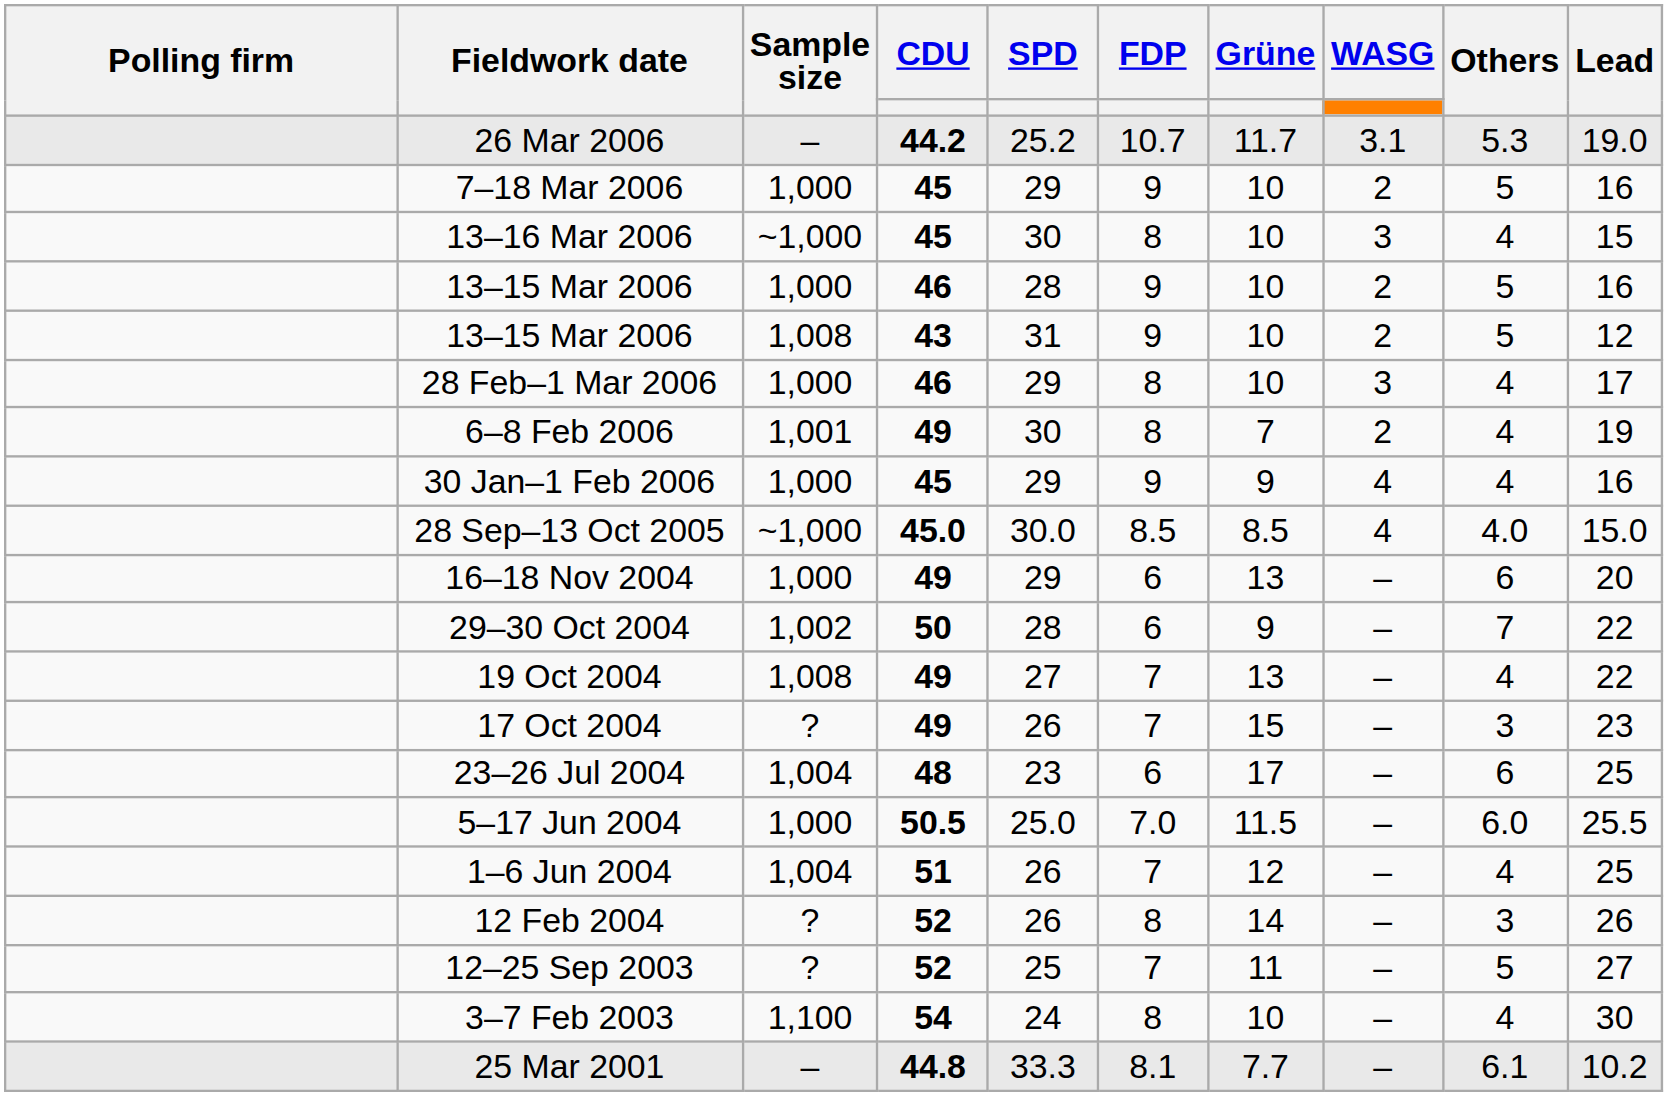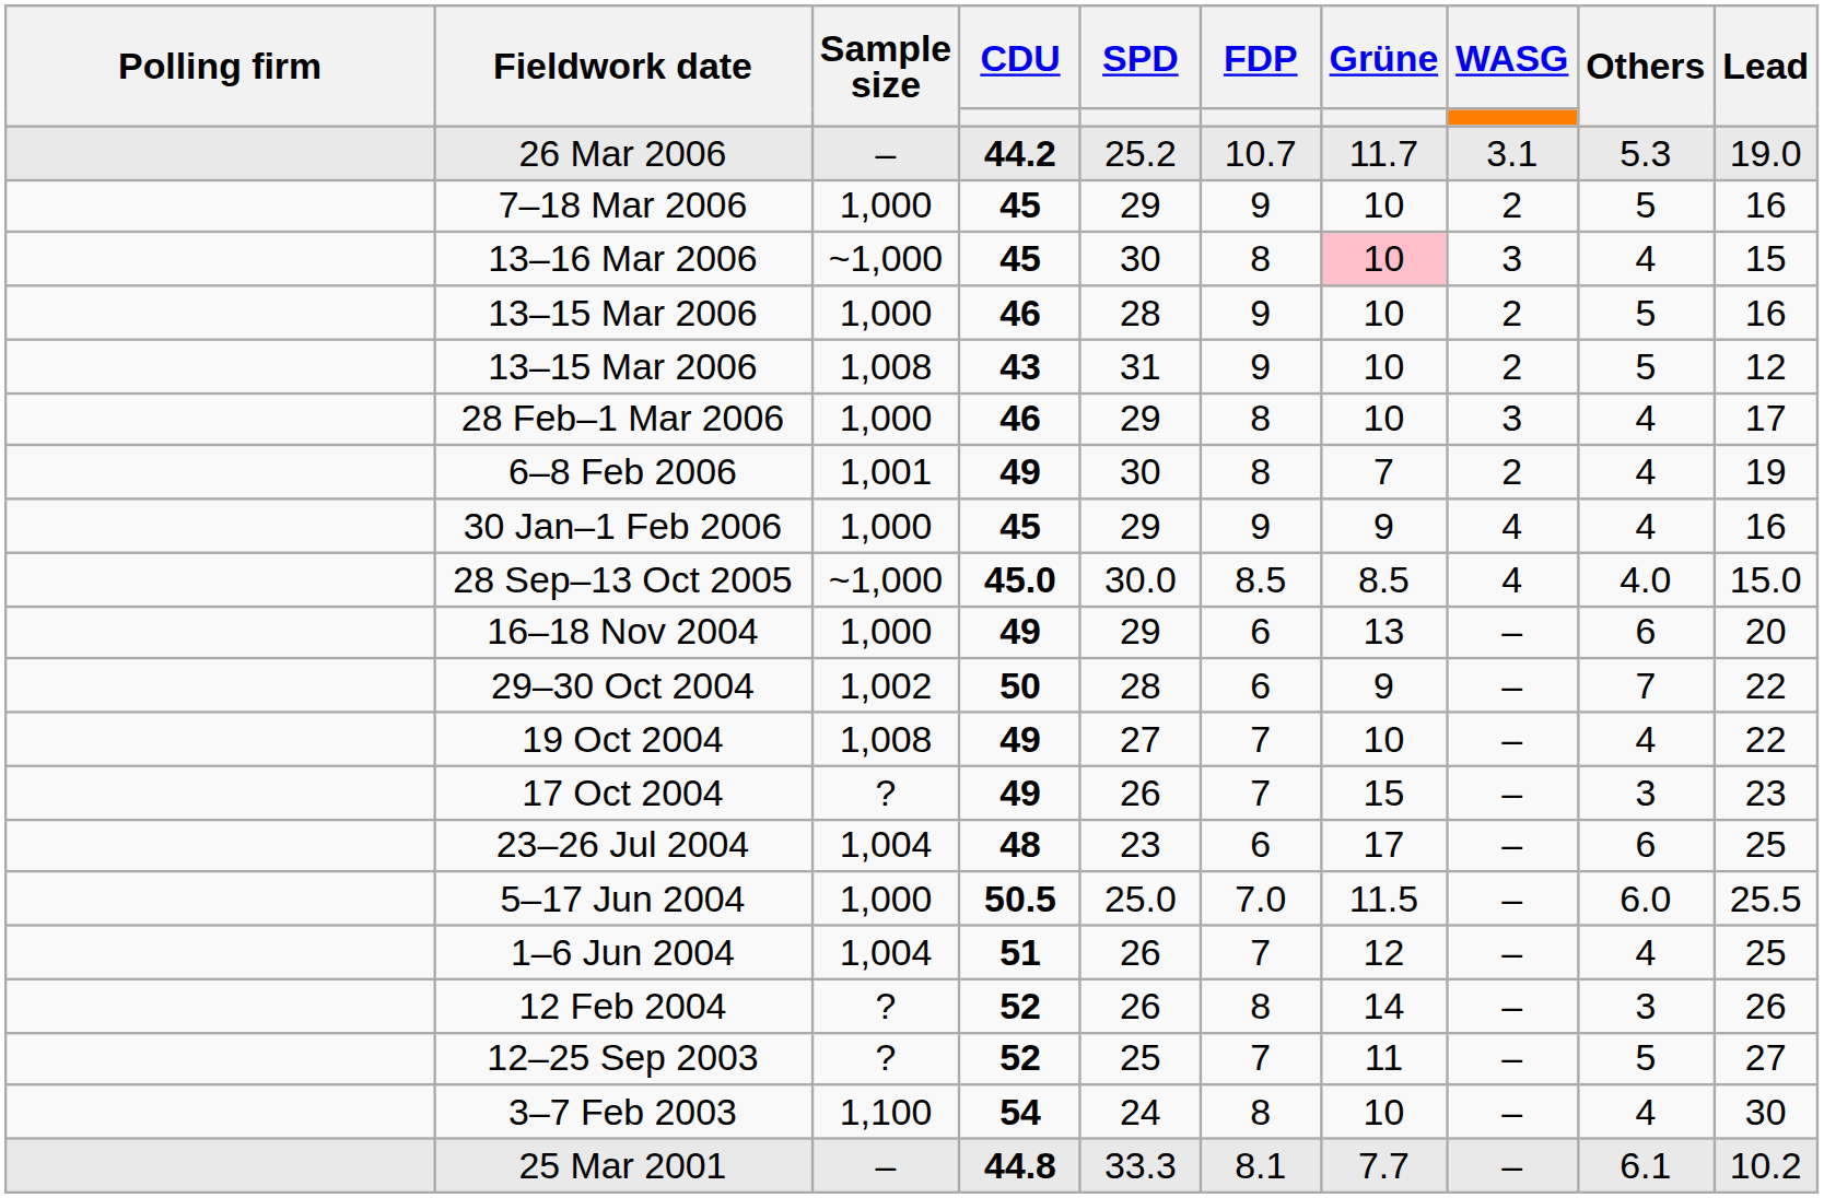 <table class="wikitable sortable" style="text-align:center;font-size:90%;line-height:14px;">
 <tr style="height:40px;">
 <th style="width:160px;" rowspan="2">Polling firm</th>
 <th style="width:140px;" rowspan="2">Fieldwork date</th>
 <th style="width:35px;" rowspan="2">Sample<br>size</th>
 <th class="unsortable" style="width:40px;"><a href='#'>CDU</a></th>
 <th class="unsortable" style="width:40px;"><a href='#'>SPD</a></th>
 <th class="unsortable" style="width:40px;"><a href='#'>FDP</a></th>
 <th class="unsortable" style="width:40px;"><a href='#'>Grüne</a></th>
 <th class="unsortable" style="width:40px;"><a href='#'>WASG</a></th>
 <th class="unsortable" style="width:40px;" rowspan="2">Others</th>
 <th style="width:30px;" rowspan="2">Lead</th>
 </tr>
 <tr>
 <th style="background:"></th>
 <th style="background:"></th>
 <th style="background:"></th>
 <th style="background:"></th>
 <th style="background:#FF8000;"></th>
 </tr>
 <tr style="background:#E9E9E9;">
 <td></td>
 <td data-sort-value="2006-03-26">26 Mar 2006</td>
 <td>–</td>
 <td><strong>44.2</strong></td>
 <td>25.2</td>
 <td>10.7</td>
 <td>11.7</td>
 <td>3.1</td>
 <td>5.3</td>
 <td style="background:">19.0</td>
 </tr>
 <tr>
 <td></td>
 <td data-sort-value="2006-03-21">7–18 Mar 2006</td>
 <td>1,000</td>
 <td><strong>45</strong></td>
 <td>29</td>
 <td>9</td>
 <td>10</td>
 <td>2</td>
 <td>5</td>
 <td style="background:">16</td>
 </tr>
 <tr>
 <td></td>
 <td data-sort-value="2006-03-17">13–16 Mar 2006</td>
 <td>~1,000</td>
 <td><strong>45</strong></td>
 <td>30</td>
 <td>8</td>
-<td>10</td>
+<td style="background: pink;">10</td>
 <td>3</td>
 <td>4</td>
 <td style="background:">15</td>
 </tr>
 <tr>
 <td></td>
 <td data-sort-value="2006-03-16">13–15 Mar 2006</td>
 <td>1,000</td>
 <td><strong>46</strong></td>
 <td>28</td>
 <td>9</td>
 <td>10</td>
 <td>2</td>
 <td>5</td>
 <td style="background:">16</td>
 </tr>
 <tr>
 <td></td>
 <td data-sort-value="2006-03-16">13–15 Mar 2006</td>
 <td>1,008</td>
 <td><strong>43</strong></td>
 <td>31</td>
 <td>9</td>
 <td>10</td>
 <td>2</td>
 <td>5</td>
 <td style="background:">12</td>
 </tr>
 <tr>
 <td></td>
 <td data-sort-value="2006-03-02">28 Feb–1 Mar 2006</td>
 <td>1,000</td>
 <td><strong>46</strong></td>
 <td>29</td>
 <td>8</td>
 <td>10</td>
 <td>3</td>
 <td>4</td>
 <td style="background:">17</td>
 </tr>
 <tr>
 <td></td>
 <td data-sort-value="2006-02-10">6–8 Feb 2006</td>
 <td>1,001</td>
 <td><strong>49</strong></td>
 <td>30</td>
 <td>8</td>
 <td>7</td>
 <td>2</td>
 <td>4</td>
 <td style="background:">19</td>
 </tr>
 <tr>
 <td></td>
 <td data-sort-value="2006-02-02">30 Jan–1 Feb 2006</td>
 <td>1,000</td>
 <td><strong>45</strong></td>
 <td>29</td>
 <td>9</td>
 <td>9</td>
 <td>4</td>
 <td>4</td>
 <td style="background:">16</td>
 </tr>
 <tr>
 <td></td>
 <td data-sort-value="2005-10-25">28 Sep–13 Oct 2005</td>
 <td>~1,000</td>
 <td><strong>45.0</strong></td>
 <td>30.0</td>
 <td>8.5</td>
 <td>8.5</td>
 <td>4</td>
 <td>4.0</td>
 <td style="background:">15.0</td>
 </tr>
 <tr>
 <td></td>
 <td data-sort-value="2004-11-19">16–18 Nov 2004</td>
 <td>1,000</td>
 <td><strong>49</strong></td>
 <td>29</td>
 <td>6</td>
 <td>13</td>
 <td>–</td>
 <td>6</td>
 <td style="background:">20</td>
 </tr>
 <tr>
 <td></td>
 <td data-sort-value="2004-11-02">29–30 Oct 2004</td>
 <td>1,002</td>
 <td><strong>50</strong></td>
 <td>28</td>
 <td>6</td>
 <td>9</td>
 <td>–</td>
 <td>7</td>
 <td style="background:">22</td>
 </tr>
 <tr>
 <td></td>
 <td data-sort-value="2004-10-19">19 Oct 2004</td>
 <td>1,008</td>
 <td><strong>49</strong></td>
 <td>27</td>
 <td>7</td>
-<td>13</td>
+<td>10</td>
 <td>–</td>
 <td>4</td>
 <td style="background:">22</td>
 </tr>
 <tr>
 <td></td>
 <td data-sort-value="2004-10-17">17 Oct 2004</td>
 <td>?</td>
 <td><strong>49</strong></td>
 <td>26</td>
 <td>7</td>
 <td>15</td>
 <td>–</td>
 <td>3</td>
 <td style="background:">23</td>
 </tr>
 <tr>
 <td></td>
 <td data-sort-value="2004-07-27">23–26 Jul 2004</td>
 <td>1,004</td>
 <td><strong>48</strong></td>
 <td>23</td>
 <td>6</td>
 <td>17</td>
 <td>–</td>
 <td>6</td>
 <td style="background:">25</td>
 </tr>
 <tr>
 <td></td>
 <td data-sort-value="2004-07-06">5–17 Jun 2004</td>
 <td>1,000</td>
 <td><strong>50.5</strong></td>
 <td>25.0</td>
 <td>7.0</td>
 <td>11.5</td>
 <td>–</td>
 <td>6.0</td>
 <td style="background:">25.5</td>
 </tr>
 <tr>
 <td></td>
 <td data-sort-value="2004-06-06">1–6 Jun 2004</td>
 <td>1,004</td>
 <td><strong>51</strong></td>
 <td>26</td>
 <td>7</td>
 <td>12</td>
 <td>–</td>
 <td>4</td>
 <td style="background:">25</td>
 </tr>
 <tr>
 <td></td>
 <td data-sort-value="2004-02-12">12 Feb 2004</td>
 <td>?</td>
 <td><strong>52</strong></td>
 <td>26</td>
 <td>8</td>
 <td>14</td>
 <td>–</td>
 <td>3</td>
 <td style="background:">26</td>
 </tr>
 <tr>
 <td></td>
 <td data-sort-value="2003-09-30">12–25 Sep 2003</td>
 <td>?</td>
 <td><strong>52</strong></td>
 <td>25</td>
 <td>7</td>
 <td>11</td>
 <td>–</td>
 <td>5</td>
 <td style="background:">27</td>
 </tr>
 <tr>
 <td></td>
 <td data-sort-value="2003-02-11">3–7 Feb 2003</td>
 <td>1,100</td>
 <td><strong>54</strong></td>
 <td>24</td>
 <td>8</td>
 <td>10</td>
 <td>–</td>
 <td>4</td>
 <td style="background:">30</td>
 </tr>
 <tr style="background:#E9E9E9;">
 <td></td>
 <td data-sort-value="2001-03-25">25 Mar 2001</td>
 <td>–</td>
 <td><strong>44.8</strong></td>
 <td>33.3</td>
 <td>8.1</td>
 <td>7.7</td>
 <td>–</td>
 <td>6.1</td>
 <td style="background:">10.2</td>
 </tr>
 </table>
